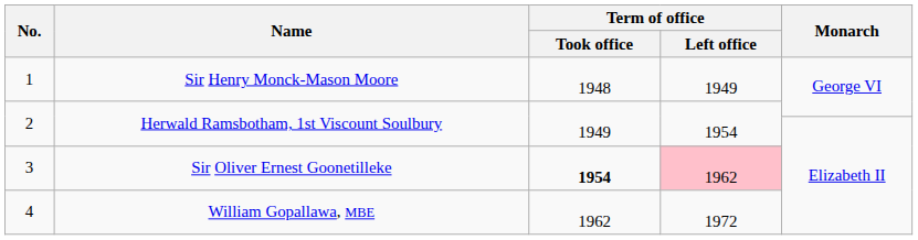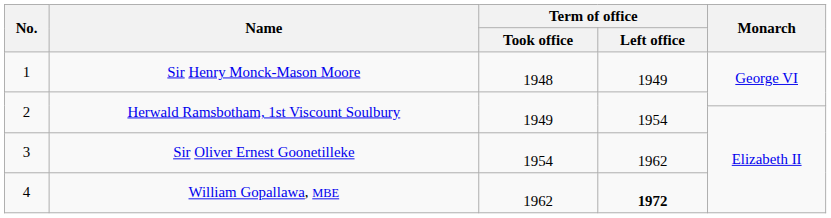 <table class="wikitable"; style="text-align:center;" width="100%">
 <tr>
 <th rowspan="2">No.</th>
 <th rowspan="2">Name</th>
 <th colspan=2>Term of office</th>
 <th rowspan="2">Monarch</th>
 </tr>
 <tr>
 <th>Took office</th>
 <th>Left office</th>
 </tr>
 <tr>
 <td>1</td>
 <td><a href='#'>Sir</a> <a href='#'>Henry Monck-Mason Moore</a></td>
 <td><br> 1948</td>
 <td><br> 1949</td>
 <td rowspan= "2"><a href='#'>George VI</a><br> </td>
 </tr>
 <tr style="height:2ex">
 <td rowspan="2">2</td>
 <td rowspan="2"><a href='#'>Herwald Ramsbotham, 1st Viscount Soulbury</a></td>
 <td rowspan="2"><br> 1949</td>
 <td rowspan="2"><br> 1954</td>
 </tr>
 <tr>
 <td rowspan="4"><a href='#'>Elizabeth II</a><br> </td>
 </tr>
 <tr>
 <td>3</td>
 <td><a href='#'>Sir</a> <a href='#'>Oliver Ernest Goonetilleke</a></td>
-<td><strong><br> 1954</strong></td>
-<td style="background: pink;"><br> 1962</td>
+<td><br> 1954</td>
+<td><br> 1962</td>
 </tr>
 <tr>
 <td>4</td>
 <td><a href='#'>William Gopallawa</a>, <small><a href='#'>MBE</a></small></td>
 <td><br> 1962</td>
-<td><br> 1972</td>
+<td><strong><br> 1972</strong></td>
 </tr>
 </table>
